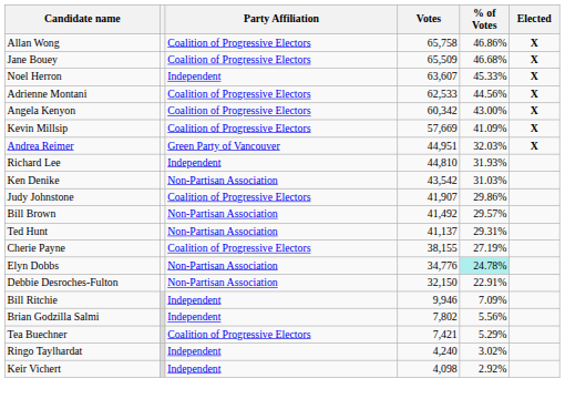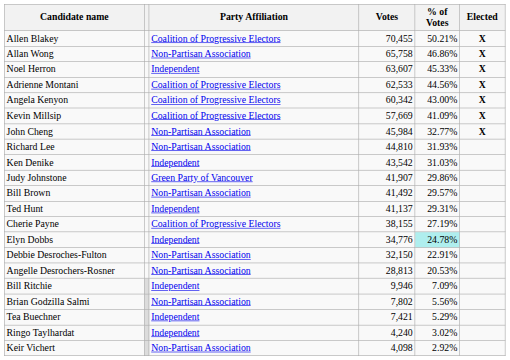 <table class="wikitable sortable" style="margin:5px; width: 65%">
 <tr>
 <th style="width:20%;">Candidate name</th>
 <th style="width:0.05%;" class="unsortable"></th>
 <th style="width:30%;">Party Affiliation</th>
 <th style="width:8%;">Votes</th>
 <th style="width:5%;">% of Votes</th>
 <th style="width:5%;">Elected</th>
 </tr>
 <tr>
-<td data-sort-value="Wong, Allan">Allan Wong</td>
+<td data-sort-value="Blakey, Allen">Allen Blakey</td>
 <td style="background:"></td>
 <td><a href='#'>Coalition of Progressive Electors</a></td>
-<td style="text-align: right;">65,758</td>
-<td style="text-align: right;">46.86%</td>
+<td style="text-align: right;">70,455</td>
+<td style="text-align: right;">50.21%</td>
 <td style="text-align: center;"><strong>X</strong></td>
 </tr>
 <tr>
-<td data-sort-value="Bouey, Jane">Jane Bouey</td>
+<td data-sort-value="Wong, Allan">Allan Wong</td>
 <td style="background:"></td>
-<td><a href='#'>Coalition of Progressive Electors</a></td>
-<td style="text-align: right;">65,509</td>
-<td style="text-align: right;">46.68%</td>
+<td><a href='#'>Non-Partisan Association</a></td>
+<td style="text-align: right;">65,758</td>
+<td style="text-align: right;">46.86%</td>
 <td style="text-align: center;"><strong>X</strong></td>
 </tr>
 <tr>
 <td data-sort-value="Herron, Noel">Noel Herron</td>
 <td style="background:"></td>
 <td><a href='#'>Independent</a></td>
 <td style="text-align: right;">63,607</td>
 <td style="text-align: right;">45.33%</td>
 <td style="text-align: center;"><strong>X</strong></td>
 </tr>
 <tr>
 <td data-sort-value="Montani, Adrienne">Adrienne Montani</td>
 <td style="background:"></td>
 <td><a href='#'>Coalition of Progressive Electors</a></td>
 <td style="text-align: right;">62,533</td>
 <td style="text-align: right;">44.56%</td>
 <td style="text-align: center;"><strong>X</strong></td>
 </tr>
 <tr>
 <td data-sort-value="Kenyon, Angela">Angela Kenyon</td>
 <td style="background:"></td>
 <td><a href='#'>Coalition of Progressive Electors</a></td>
 <td style="text-align: right;">60,342</td>
 <td style="text-align: right;">43.00%</td>
 <td style="text-align: center;"><strong>X</strong></td>
 </tr>
 <tr>
 <td data-sort-value="Millsip, Kevin">Kevin Millsip</td>
 <td style="background:"></td>
 <td><a href='#'>Coalition of Progressive Electors</a></td>
 <td style="text-align: right;">57,669</td>
 <td style="text-align: right;">41.09%</td>
 <td style="text-align: center;"><strong>X</strong></td>
 </tr>
 <tr>
-<td data-sort-value="Reimer, Andrea"><a href='#'>Andrea Reimer</a></td>
+<td data-sort-value="Cheng, John">John Cheng</td>
 <td style="background:"></td>
-<td><a href='#'>Green Party of Vancouver</a></td>
-<td style="text-align: right;">44,951</td>
-<td style="text-align: right;">32.03%</td>
+<td><a href='#'>Non-Partisan Association</a></td>
+<td style="text-align: right;">45,984</td>
+<td style="text-align: right;">32.77%</td>
 <td style="text-align: center;"><strong>X</strong></td>
 </tr>
 <tr>
 <td data-sort-value="Lee, Richard">Richard Lee</td>
 <td style="background:"></td>
-<td><a href='#'>Independent</a></td>
+<td><a href='#'>Non-Partisan Association</a></td>
 <td style="text-align: right;">44,810</td>
 <td style="text-align: right;">31.93%</td>
 <td></td>
 </tr>
 <tr>
 <td data-sort-value="Denike, Ken">Ken Denike</td>
 <td style="background:"></td>
-<td><a href='#'>Non-Partisan Association</a></td>
+<td><a href='#'>Independent</a></td>
 <td style="text-align: right;">43,542</td>
 <td style="text-align: right;">31.03%</td>
 <td></td>
 </tr>
 <tr>
 <td data-sort-value="Johnstone, Judy">Judy Johnstone</td>
 <td style="background:"></td>
-<td><a href='#'>Coalition of Progressive Electors</a></td>
+<td><a href='#'>Green Party of Vancouver</a></td>
 <td style="text-align: right;">41,907</td>
 <td style="text-align: right;">29.86%</td>
 <td></td>
 </tr>
 <tr>
 <td data-sort-value="Brown, Bill">Bill Brown</td>
 <td style="background:"></td>
 <td><a href='#'>Non-Partisan Association</a></td>
 <td style="text-align: right;">41,492</td>
 <td style="text-align: right;">29.57%</td>
 <td></td>
 </tr>
 <tr>
 <td data-sort-value="Hunt, Ted">Ted Hunt</td>
 <td style="background:"></td>
-<td><a href='#'>Non-Partisan Association</a></td>
+<td><a href='#'>Independent</a></td>
 <td style="text-align: right;">41,137</td>
 <td style="text-align: right;">29.31%</td>
 <td></td>
 </tr>
 <tr>
 <td data-sort-value="Payne, Cherie">Cherie Payne</td>
 <td style="background:"></td>
 <td><a href='#'>Coalition of Progressive Electors</a></td>
 <td style="text-align: right;">38,155</td>
 <td style="text-align: right;">27.19%</td>
 <td></td>
 </tr>
 <tr>
 <td data-sort-value="Dobbs, Elyn">Elyn Dobbs</td>
 <td style="background:"></td>
-<td><a href='#'>Non-Partisan Association</a></td>
+<td><a href='#'>Independent</a></td>
 <td style="text-align: right;">34,776</td>
 <td style="background: paleturquoise; text-align: right;">24.78%</td>
 <td></td>
 </tr>
 <tr>
 <td data-sort-value="Desroches-Fulton, Debbie">Debbie Desroches-Fulton</td>
 <td style="background:"></td>
 <td><a href='#'>Non-Partisan Association</a></td>
 <td style="text-align: right;">32,150</td>
 <td style="text-align: right;">22.91%</td>
 <td></td>
 </tr>
 <tr>
+<td data-sort-value="Desrochers-Rosner, Angelle">Angelle Desrochers-Rosner</td>
+<td style="background:"></td>
+<td><a href='#'>Non-Partisan Association</a></td>
+<td style="text-align: right;">28,813</td>
+<td style="text-align: right;">20.53%</td>
+<td></td>
+</tr>
+<tr>
 <td data-sort-value="Ritchie, Bill">Bill Ritchie</td>
 <td style="background:gainsboro;"></td>
 <td><a href='#'>Independent</a></td>
 <td style="text-align: right;">9,946</td>
 <td style="text-align: right;">7.09%</td>
 <td></td>
 </tr>
 <tr>
 <td data-sort-value="Salmi, Brian Godzilla">Brian Godzilla Salmi</td>
 <td style="background:gainsboro;"></td>
-<td><a href='#'>Independent</a></td>
+<td><a href='#'>Non-Partisan Association</a></td>
 <td style="text-align: right;">7,802</td>
 <td style="text-align: right;">5.56%</td>
 <td></td>
 </tr>
 <tr>
 <td data-sort-value="Buechner, Tea">Tea Buechner</td>
 <td style="background:gainsboro;"></td>
-<td><a href='#'>Coalition of Progressive Electors</a></td>
+<td><a href='#'>Independent</a></td>
 <td style="text-align: right;">7,421</td>
 <td style="text-align: right;">5.29%</td>
 <td></td>
 </tr>
 <tr>
 <td data-sort-value="Taylhardat, Ringo">Ringo Taylhardat</td>
 <td style="background:gainsboro;"></td>
 <td><a href='#'>Independent</a></td>
 <td style="text-align: right;">4,240</td>
 <td style="text-align: right;">3.02%</td>
 <td></td>
 </tr>
 <tr>
 <td data-sort-value="Vichert, Keir">Keir Vichert</td>
 <td style="background:gainsboro;"></td>
-<td><a href='#'>Independent</a></td>
+<td><a href='#'>Non-Partisan Association</a></td>
 <td style="text-align: right;">4,098</td>
 <td style="text-align: right;">2.92%</td>
 <td></td>
 </tr>
 </table>
